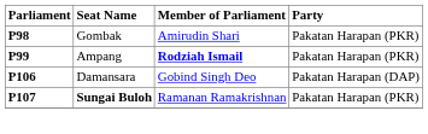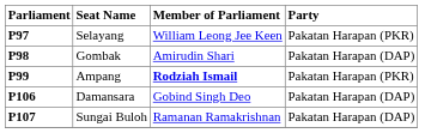 <table class="toccolours sortable" border="1" cellpadding="3" style="border-collapse:collapse; text-align: left;">
 <tr>
 <th align="center">Parliament</th>
 <th>Seat Name</th>
 <th>Member of Parliament</th>
 <th>Party</th>
 </tr>
 <tr>
+<th align="left">P97</th>
+<td>Selayang</td>
+<td><a href='#'>William Leong Jee Keen</a></td>
+<td>Pakatan Harapan (PKR)</td>
+</tr>
+<tr>
 <th align="left">P98</th>
 <td>Gombak</td>
 <td><a href='#'>Amirudin Shari</a></td>
-<td>Pakatan Harapan (PKR)</td>
+<td>Pakatan Harapan (DAP)</td>
 </tr>
 <tr>
 <th align="left">P99</th>
 <td>Ampang</td>
 <td><strong><a href='#'>Rodziah Ismail</a></strong></td>
 <td>Pakatan Harapan (PKR)</td>
 </tr>
 <tr>
 <th align="left">P106</th>
 <td>Damansara</td>
 <td><a href='#'>Gobind Singh Deo</a></td>
 <td>Pakatan Harapan (DAP)</td>
 </tr>
 <tr>
 <th align="left">P107</th>
-<td><strong>Sungai Buloh</strong></td>
+<td>Sungai Buloh</td>
 <td><a href='#'>Ramanan Ramakrishnan</a></td>
-<td>Pakatan Harapan (PKR)</td>
+<td>Pakatan Harapan (DAP)</td>
 </tr>
 <tr>
 </tr>
 </table>
